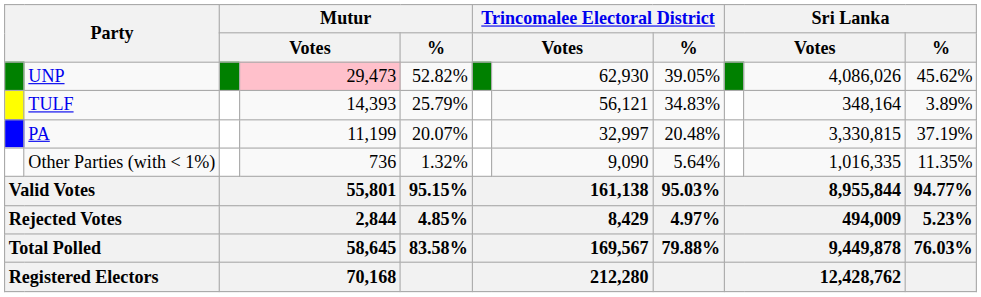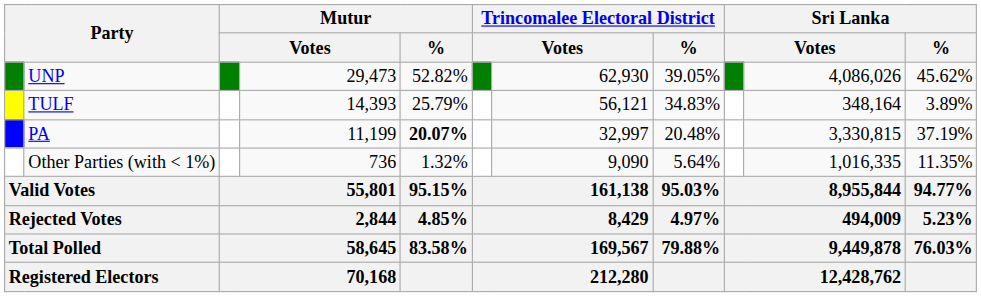 <table class="wikitable">
 <tr>
 <th colspan="2" width="144px"rowspan="2">Party</th>
 <th colspan="3" width="216px">Mutur</th>
 <th colspan="3" width="216px"><a href='#'>Trincomalee Electoral District</a></th>
 <th colspan="3" width="216px">Sri Lanka</th>
 </tr>
 <tr>
 <th colspan="2" width="144px">Votes</th>
 <th>%</th>
 <th colspan="2" width="144px">Votes</th>
 <th>%</th>
 <th colspan="2" width="144px">Votes</th>
 <th>%</th>
 </tr>
 <tr>
 <td style="background-color:green;" width="10px"></td>
 <td style="text-align:left;"><a href='#'>UNP</a></td>
 <td style="background-color:green;" width="10px"></td>
-<td style="background: pink; text-align:right;">29,473</td>
+<td style="text-align:right;">29,473</td>
 <td style="text-align:right;">52.82%</td>
 <td style="background-color:green;" width="10px"></td>
 <td style="text-align:right;">62,930</td>
 <td style="text-align:right;">39.05%</td>
 <td style="background-color:green;" width="10px"></td>
 <td style="text-align:right;">4,086,026</td>
 <td style="text-align:right;">45.62%</td>
 </tr>
 <tr>
 <td style="background-color:yellow;" width="10px"></td>
 <td style="text-align:left;"><a href='#'>TULF</a></td>
 <td style="background-color:white;" width="10px"></td>
 <td style="text-align:right;">14,393</td>
 <td style="text-align:right;">25.79%</td>
 <td style="background-color:white;" width="10px"></td>
 <td style="text-align:right;">56,121</td>
 <td style="text-align:right;">34.83%</td>
 <td style="background-color:white;" width="10px"></td>
 <td style="text-align:right;">348,164</td>
 <td style="text-align:right;">3.89%</td>
 </tr>
 <tr>
 <td style="background-color:blue;" width="10px"></td>
 <td style="text-align:left;"><a href='#'>PA</a></td>
 <td style="background-color:white;" width="10px"></td>
 <td style="text-align:right;">11,199</td>
-<td style="text-align:right;">20.07%</td>
+<td style="text-align:right;"><strong>20.07%</strong></td>
 <td style="background-color:white;" width="10px"></td>
 <td style="text-align:right;">32,997</td>
 <td style="text-align:right;">20.48%</td>
 <td style="background-color:white;" width="10px"></td>
 <td style="text-align:right;">3,330,815</td>
 <td style="text-align:right;">37.19%</td>
 </tr>
 <tr>
 <td style="background-color:white;" width="10px"></td>
 <td style="text-align:left;">Other Parties (with < 1%)</td>
 <td style="background-color:white;" width="10px"></td>
 <td style="text-align:right;">736</td>
 <td style="text-align:right;">1.32%</td>
 <td style="background-color:white;" width="10px"></td>
 <td style="text-align:right;">9,090</td>
 <td style="text-align:right;">5.64%</td>
 <td style="background-color:white;" width="10px"></td>
 <td style="text-align:right;">1,016,335</td>
 <td style="text-align:right;">11.35%</td>
 </tr>
 <tr>
 <th colspan="2" width="144px"style="text-align:left;">Valid Votes</th>
 <th style="text-align:right;"colspan="2" width="144px">55,801</th>
 <th style="text-align:right;">95.15%</th>
 <th style="text-align:right;"colspan="2" width="144px">161,138</th>
 <th style="text-align:right;">95.03%</th>
 <th style="text-align:right;"colspan="2" width="144px">8,955,844</th>
 <th style="text-align:right;">94.77%</th>
 </tr>
 <tr>
 <th colspan="2" width="144px"style="text-align:left;">Rejected Votes</th>
 <th style="text-align:right;"colspan="2" width="144px">2,844</th>
 <th style="text-align:right;">4.85%</th>
 <th style="text-align:right;"colspan="2" width="144px">8,429</th>
 <th style="text-align:right;">4.97%</th>
 <th style="text-align:right;"colspan="2" width="144px">494,009</th>
 <th style="text-align:right;">5.23%</th>
 </tr>
 <tr>
 <th colspan="2" width="144px"style="text-align:left;">Total Polled</th>
 <th style="text-align:right;"colspan="2" width="144px">58,645</th>
 <th style="text-align:right;">83.58%</th>
 <th style="text-align:right;"colspan="2" width="144px">169,567</th>
 <th style="text-align:right;">79.88%</th>
 <th style="text-align:right;"colspan="2" width="144px">9,449,878</th>
 <th style="text-align:right;">76.03%</th>
 </tr>
 <tr>
 <th colspan="2" width="144px"style="text-align:left;">Registered Electors</th>
 <th style="text-align:right;"colspan="2" width="144px">70,168</th>
 <th></th>
 <th style="text-align:right;"colspan="2" width="144px">212,280</th>
 <th></th>
 <th style="text-align:right;"colspan="2" width="144px">12,428,762</th>
 <th></th>
 </tr>
 </table>
